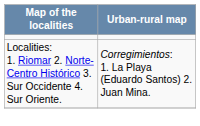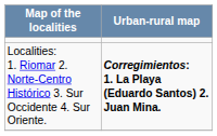 <table class="wikitable" style="width:300px;font-size:100%; margin:0 2em 1em 0; line-height:125%;" align="left">
 <tr>
 <th align=center style="background: #6688AA; color: white;">Map of the localities</th>
 <th align=center style="background: #6688AA; color: white;">Urban-rural map</th>
 </tr>
 <tr>
 <td></td>
 <td></td>
 </tr>
 <tr>
 <td>Localities:<br> 1. <a href='#'>Riomar</a> 2. <a href='#'>Norte-Centro Histórico</a> 3. Sur Occidente 4. Sur Oriente.</td>
-<td><em>Corregimientos</em>:<br> 1. La Playa (Eduardo Santos) 2. Juan Mina.</td>
+<td><strong><em>Corregimientos</em>:<br> 1. La Playa (Eduardo Santos) 2. Juan Mina.</strong></td>
 </tr>
 <tr>
 </tr>
 </table>
